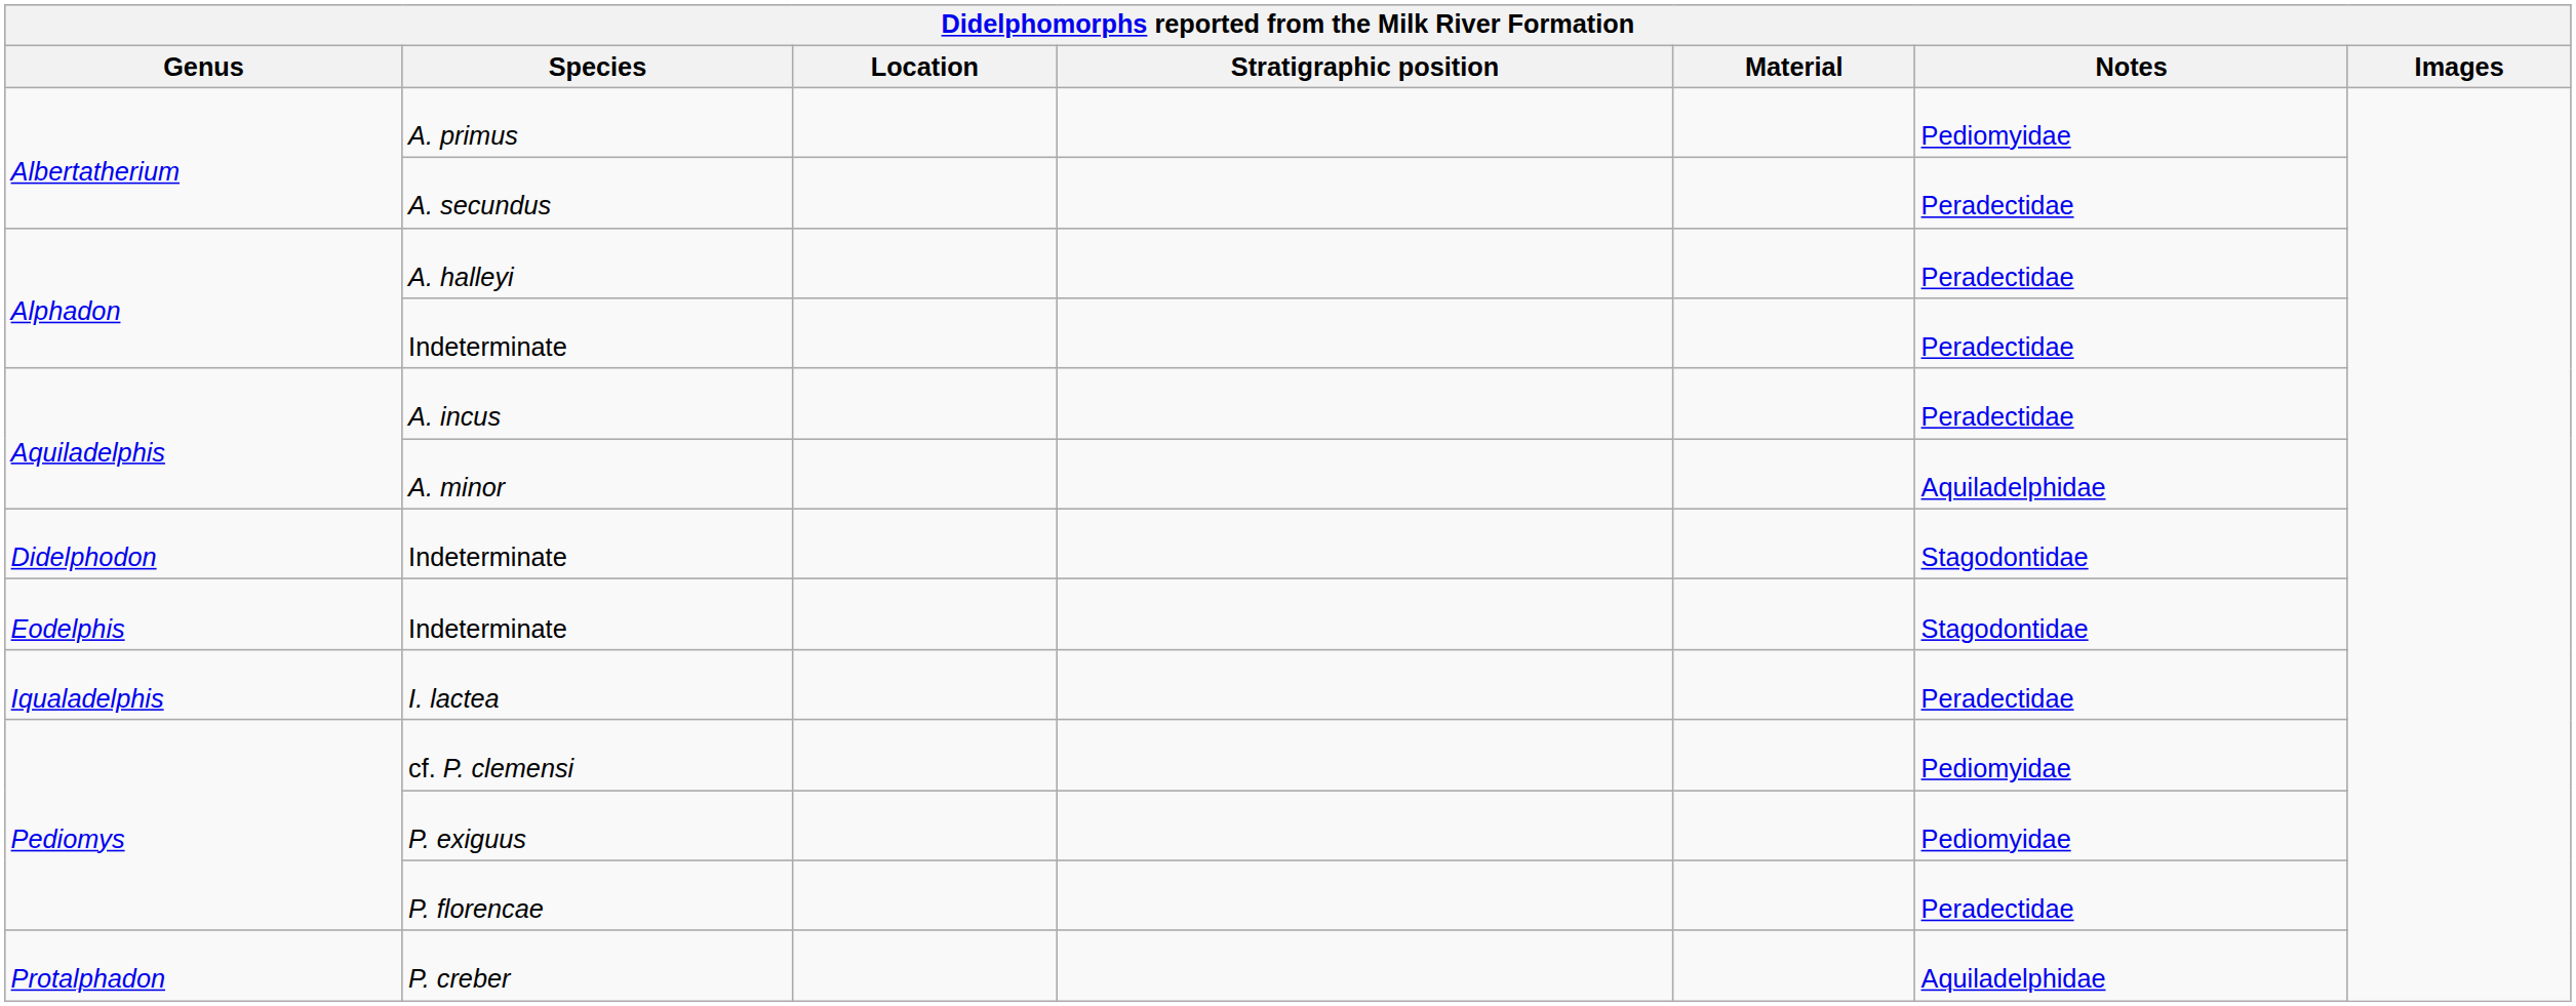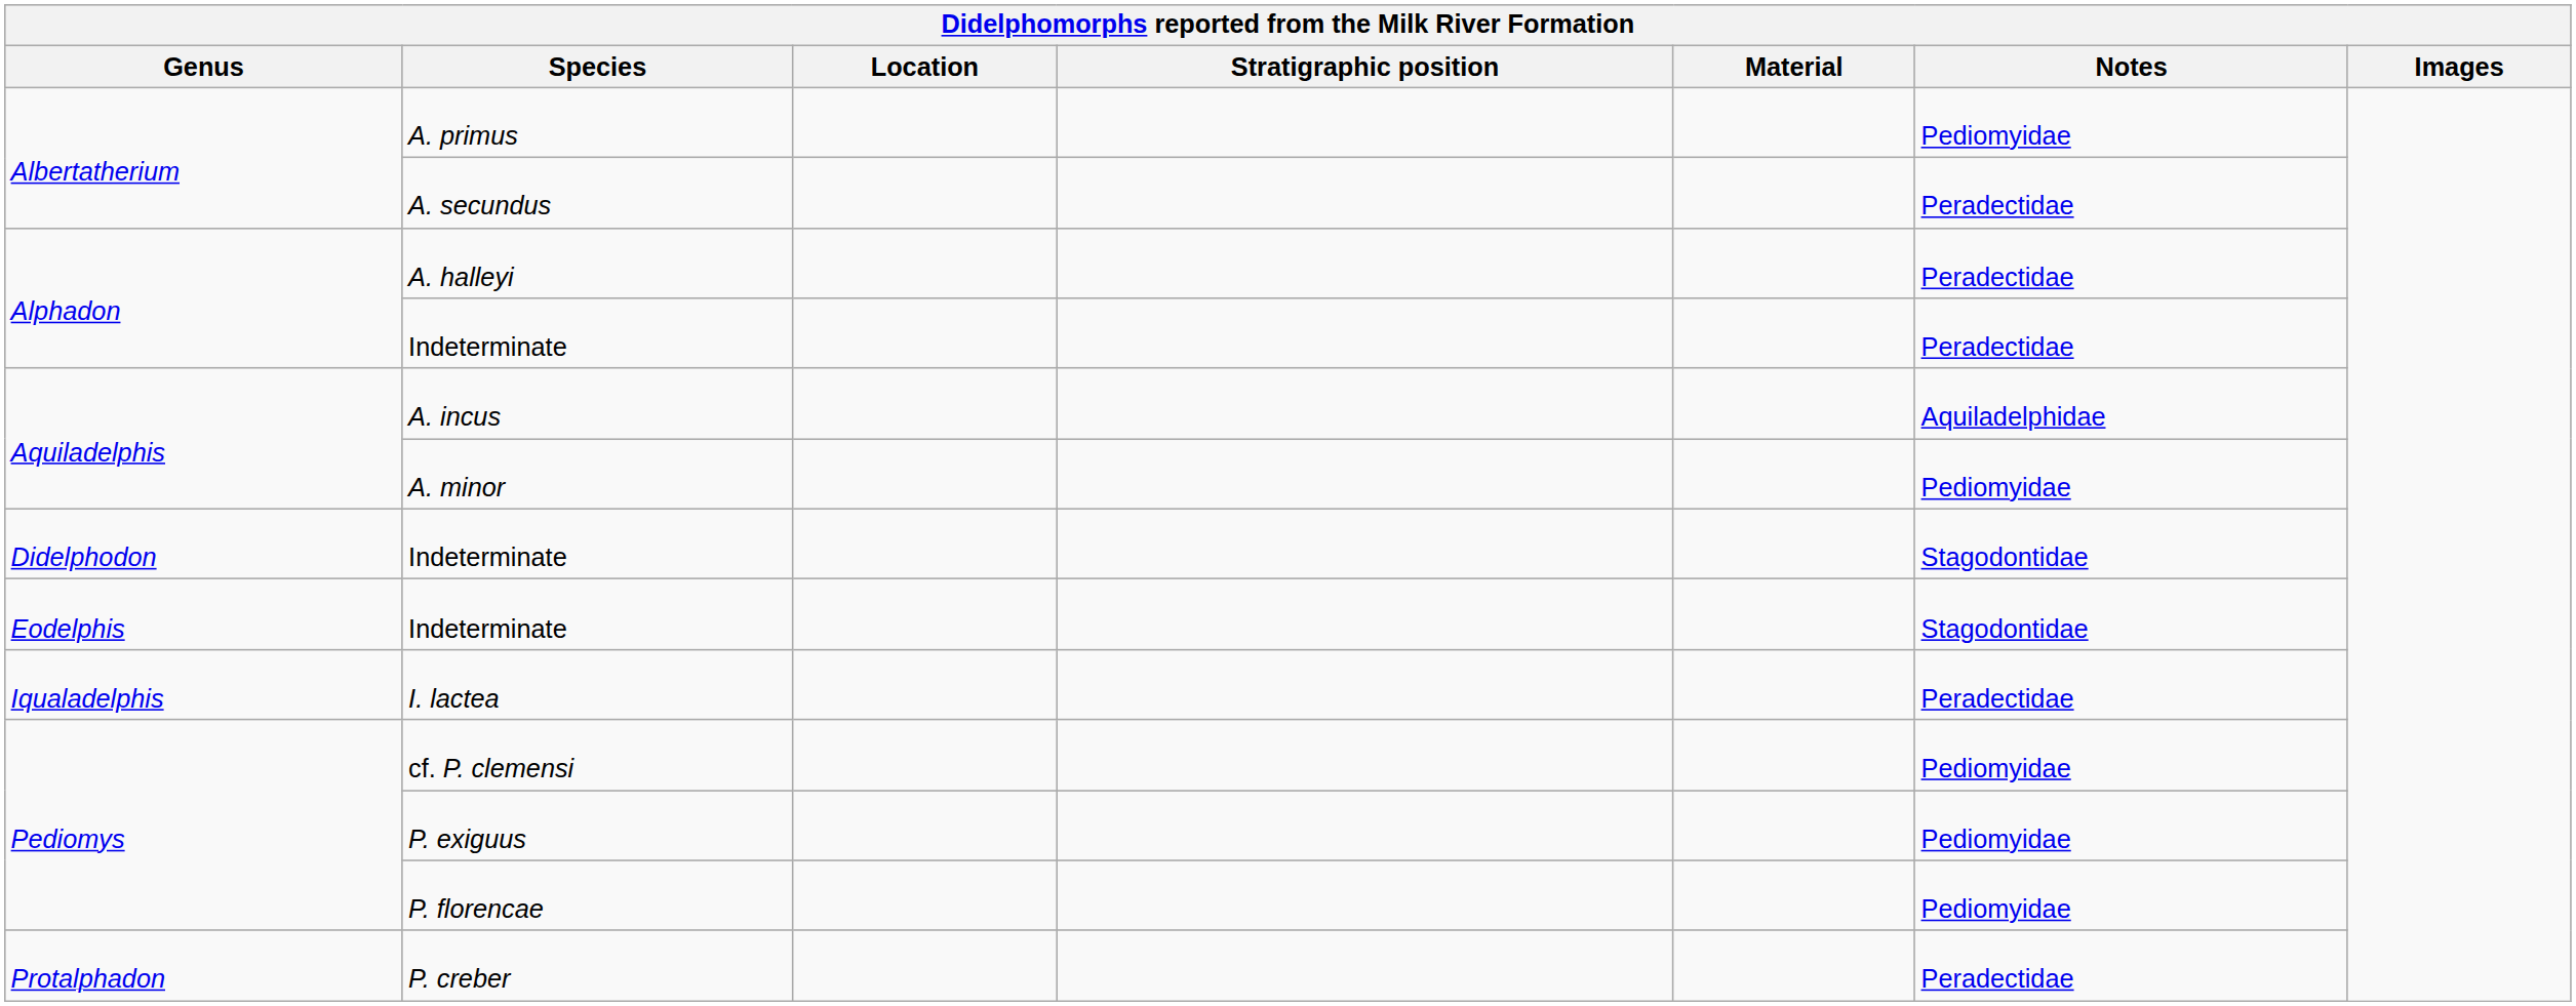 <table class="wikitable" align="center" width="100%">
 <tr>
 <th colspan="7" align="center"><strong><a href='#'>Didelphomorphs</a> reported from the Milk River Formation</strong></th>
 </tr>
 <tr>
 <th>Genus</th>
 <th>Species</th>
 <th>Location</th>
 <th>Stratigraphic position</th>
 <th>Material</th>
 <th>Notes</th>
 <th>Images</th>
 </tr>
 <tr>
 <td rowspan="2"><br><em><a href='#'>Albertatherium</a></em></td>
 <td><br><em>A. primus</em></td>
 <td></td>
 <td></td>
 <td></td>
 <td><br><a href='#'>Pediomyidae</a></td>
 <td rowspan="99"><br> </td>
 </tr>
 <tr>
 <td><br><em>A. secundus</em></td>
 <td></td>
 <td></td>
 <td></td>
 <td><br><a href='#'>Peradectidae</a></td>
 </tr>
 <tr>
 <td rowspan="2"><br><em><a href='#'>Alphadon</a></em></td>
 <td><br><em>A. halleyi</em></td>
 <td></td>
 <td></td>
 <td></td>
 <td><br><a href='#'>Peradectidae</a></td>
 </tr>
 <tr>
 <td><br>Indeterminate</td>
 <td></td>
 <td></td>
 <td></td>
 <td><br><a href='#'>Peradectidae</a></td>
 </tr>
 <tr>
 <td rowspan="2"><br><em><a href='#'>Aquiladelphis</a></em></td>
 <td><br><em>A. incus</em></td>
 <td></td>
 <td></td>
 <td></td>
-<td><br><a href='#'>Peradectidae</a></td>
+<td><br><a href='#'>Aquiladelphidae</a></td>
 </tr>
 <tr>
 <td><br><em>A. minor</em></td>
 <td></td>
 <td></td>
 <td></td>
-<td><br><a href='#'>Aquiladelphidae</a></td>
+<td><br><a href='#'>Pediomyidae</a></td>
 </tr>
 <tr>
 <td><br><em><a href='#'>Didelphodon</a></em></td>
 <td><br>Indeterminate</td>
 <td></td>
 <td></td>
 <td></td>
 <td><br><a href='#'>Stagodontidae</a></td>
 </tr>
 <tr>
 <td><br><em><a href='#'>Eodelphis</a></em></td>
 <td><br>Indeterminate</td>
 <td></td>
 <td></td>
 <td></td>
 <td><br><a href='#'>Stagodontidae</a></td>
 </tr>
 <tr>
 <td><br><em><a href='#'>Iqualadelphis</a></em></td>
 <td><br><em>I. lactea</em></td>
 <td></td>
 <td></td>
 <td></td>
 <td><br><a href='#'>Peradectidae</a></td>
 </tr>
 <tr>
 <td rowspan="3"><br><em><a href='#'>Pediomys</a></em></td>
 <td><br>cf. <em>P. clemensi</em></td>
 <td></td>
 <td></td>
 <td></td>
 <td><br><a href='#'>Pediomyidae</a></td>
 </tr>
 <tr>
 <td><br><em>P. exiguus</em></td>
 <td></td>
 <td></td>
 <td></td>
 <td><br><a href='#'>Pediomyidae</a></td>
 </tr>
 <tr>
 <td><br><em>P. florencae</em></td>
 <td></td>
 <td></td>
 <td></td>
-<td><br><a href='#'>Peradectidae</a></td>
+<td><br><a href='#'>Pediomyidae</a></td>
 </tr>
 <tr>
 <td><br><em><a href='#'>Protalphadon</a></em></td>
 <td><br><em>P. creber</em></td>
 <td></td>
 <td></td>
 <td></td>
-<td><br><a href='#'>Aquiladelphidae</a></td>
+<td><br><a href='#'>Peradectidae</a></td>
 </tr>
 <tr>
 </tr>
 </table>
